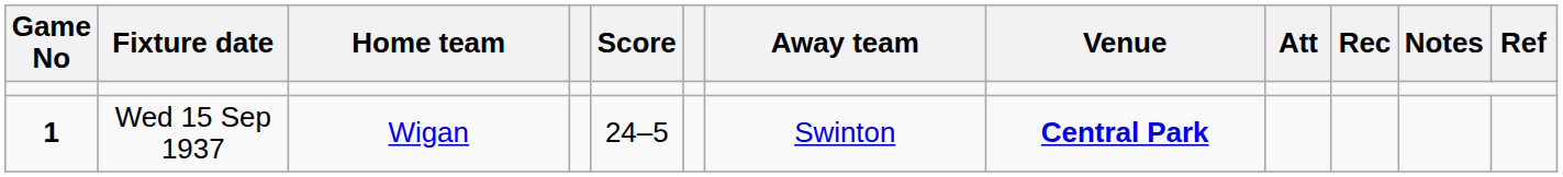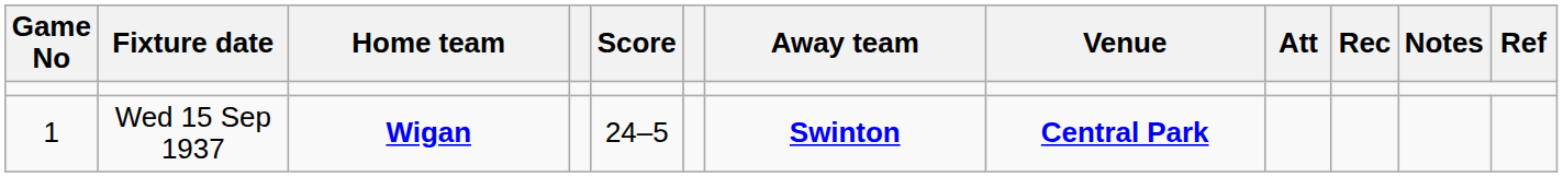 <table class="wikitable" style="text-align:center;">
 <tr>
 <th width=20 abbr="No">Game No</th>
 <th width=100 abbr="Date">Fixture date</th>
 <th width=150 abbr="Home team">Home team</th>
 <th width=5 abbr="space"></th>
 <th width=20 abbr="Score">Score</th>
 <th width=5 abbr="space"></th>
 <th width=150 abbr="Away team">Away team</th>
 <th width=150 abbr="Venue">Venue</th>
 <th width=30 abbr="Att">Att</th>
 <th width=30 abbr="Rec">Rec</th>
 <th width=20 abbr="Notes">Notes</th>
 <th width=30 abbr="Ref">Ref</th>
 </tr>
 <tr>
 <td></td>
 <td></td>
 <td></td>
 <td></td>
 <td></td>
 <td></td>
 <td></td>
 <td></td>
 <td></td>
 <td></td>
 </tr>
 <tr>
-<td><strong>1</strong></td>
+<td>1</td>
 <td>Wed 15 Sep 1937</td>
-<td><a href='#'>Wigan</a></td>
+<td><strong><a href='#'>Wigan</a></strong></td>
 <td></td>
 <td>24–5</td>
 <td></td>
-<td><a href='#'>Swinton</a></td>
+<td><strong><a href='#'>Swinton</a></strong></td>
 <td><strong><a href='#'>Central Park</a></strong></td>
 <td></td>
 <td></td>
 <td></td>
 <td></td>
 </tr>
 </table>
